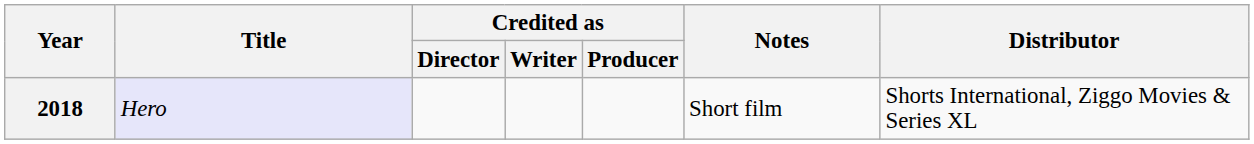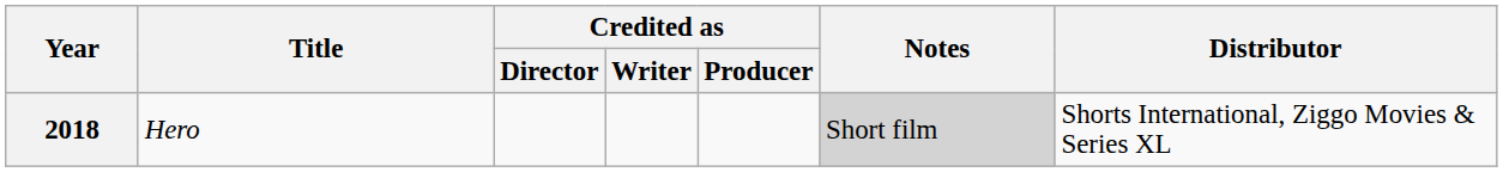 <table class="wikitable sortable plainrowheaders">
 <tr>
 <th scope="col" rowspan="2" width="70px">Year</th>
 <th rowspan="2" scope="col" width=200>Title</th>
 <th colspan="3" scope="col">Credited as</th>
 <th rowspan="2" scope="col" class="unsortable" width=130>Notes</th>
 <th rowspan="2" scope="col" class="unsortable" width=250>Distributor</th>
 </tr>
 <tr>
 <th>Director</th>
 <th>Writer</th>
 <th>Producer</th>
 </tr>
 <tr>
 <th scope="row">2018</th>
-<td style="background: lavender;"><em>Hero</em></td>
+<td><em>Hero</em></td>
 <td></td>
 <td></td>
 <td></td>
-<td>Short film</td>
+<td style="background: lightgrey;">Short film</td>
 <td>Shorts International, Ziggo Movies & Series XL</td>
 </tr>
 </table>
